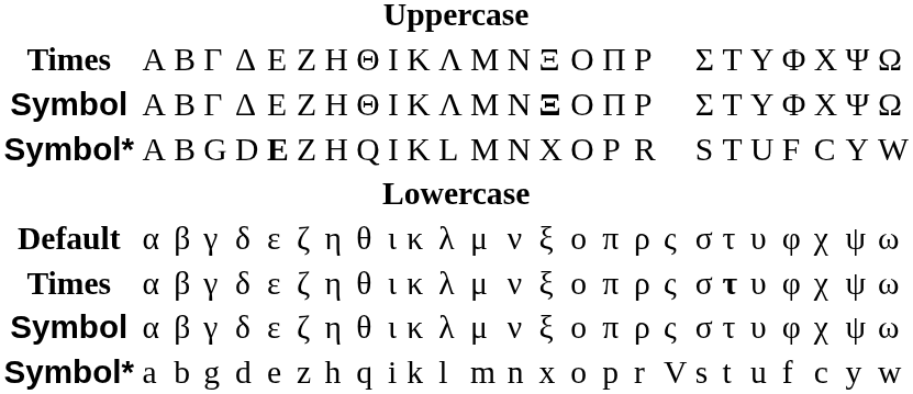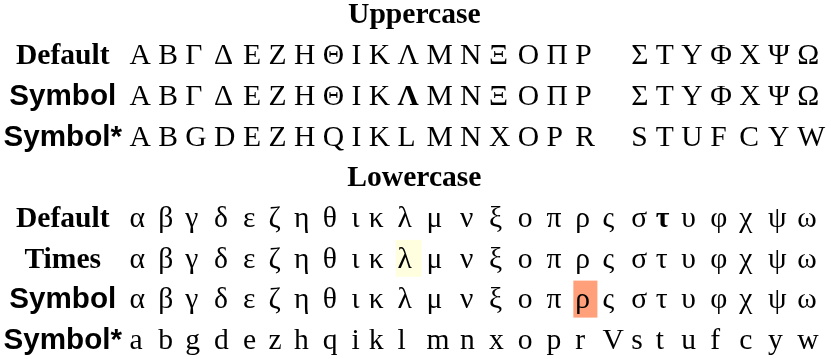 <table>
 <tr>
 <th colspan=26>Uppercase</th>
 </tr>
-<tr style="font-family:times,times roman, times new roman, serif">
-<th>Times</th>
+<tr>
+<th>Default</th>
 <td>Α</td>
 <td>Β</td>
 <td>Γ</td>
 <td>Δ</td>
 <td>Ε</td>
 <td>Ζ</td>
 <td>Η</td>
 <td>Θ</td>
 <td>Ι</td>
 <td>Κ</td>
 <td>Λ</td>
 <td>Μ</td>
 <td>Ν</td>
 <td>Ξ</td>
 <td>Ο</td>
 <td>Π</td>
 <td>Ρ</td>
 <td></td>
 <td>Σ</td>
 <td>Τ</td>
 <td>Υ</td>
 <td>Φ</td>
 <td>Χ</td>
 <td>Ψ</td>
 <td>Ω</td>
 </tr>
 <tr style="font-family:symbol">
 <th style="font-family:sans-serif">Symbol</th>
 <td>Α</td>
 <td>Β</td>
 <td>Γ</td>
 <td>Δ</td>
 <td>Ε</td>
 <td>Ζ</td>
 <td>Η</td>
 <td>Θ</td>
 <td>Ι</td>
 <td>Κ</td>
-<td>Λ</td>
+<td><strong>Λ</strong></td>
 <td>Μ</td>
 <td>Ν</td>
-<td><strong>Ξ</strong></td>
+<td>Ξ</td>
 <td>Ο</td>
 <td>Π</td>
 <td>Ρ</td>
 <td></td>
 <td>Σ</td>
 <td>Τ</td>
 <td>Υ</td>
 <td>Φ</td>
 <td>Χ</td>
 <td>Ψ</td>
 <td>Ω</td>
 </tr>
 <tr style="font-family:symbol">
 <th style="font-family:sans-serif">Symbol*</th>
 <td>A</td>
 <td>B</td>
 <td>G</td>
 <td>D</td>
-<td><strong>E</strong></td>
+<td>E</td>
 <td>Z</td>
 <td>H</td>
 <td>Q</td>
 <td>I</td>
 <td>K</td>
 <td>L</td>
 <td>M</td>
 <td>N</td>
 <td>X</td>
 <td>O</td>
 <td>P</td>
 <td>R</td>
 <td></td>
 <td>S</td>
 <td>T</td>
 <td>U</td>
 <td>F</td>
 <td>C</td>
 <td>Y</td>
 <td>W</td>
 </tr>
 <tr>
 <th colspan=26>Lowercase</th>
 </tr>
 <tr>
 <th>Default</th>
 <td>α</td>
 <td>β</td>
 <td>γ</td>
 <td>δ</td>
 <td>ε</td>
 <td>ζ</td>
 <td>η</td>
 <td>θ</td>
 <td>ι</td>
 <td>κ</td>
 <td>λ</td>
 <td>μ</td>
 <td>ν</td>
 <td>ξ</td>
 <td>ο</td>
 <td>π</td>
 <td>ρ</td>
 <td>ς</td>
 <td>σ</td>
-<td>τ</td>
+<td><strong>τ</strong></td>
 <td>υ</td>
 <td>φ</td>
 <td>χ</td>
 <td>ψ</td>
 <td>ω</td>
 </tr>
 <tr style="font-family:times,times roman, times new roman, serif">
 <th>Times</th>
 <td>α</td>
 <td>β</td>
 <td>γ</td>
 <td>δ</td>
 <td>ε</td>
 <td>ζ</td>
 <td>η</td>
 <td>θ</td>
 <td>ι</td>
 <td>κ</td>
-<td>λ</td>
+<td style="background: lightyellow;">λ</td>
 <td>μ</td>
 <td>ν</td>
 <td>ξ</td>
 <td>ο</td>
 <td>π</td>
 <td>ρ</td>
 <td>ς</td>
 <td>σ</td>
-<td><strong>τ</strong></td>
+<td>τ</td>
 <td>υ</td>
 <td>φ</td>
 <td>χ</td>
 <td>ψ</td>
 <td>ω</td>
 </tr>
 <tr style="font-family:symbol">
 <th style="font-family:sans-serif">Symbol</th>
 <td>α</td>
 <td>β</td>
 <td>γ</td>
 <td>δ</td>
 <td>ε</td>
 <td>ζ</td>
 <td>η</td>
 <td>θ</td>
 <td>ι</td>
 <td>κ</td>
 <td>λ</td>
 <td>μ</td>
 <td>ν</td>
 <td>ξ</td>
 <td>ο</td>
 <td>π</td>
-<td>ρ</td>
+<td style="background: lightsalmon;">ρ</td>
 <td>ς</td>
 <td>σ</td>
 <td>τ</td>
 <td>υ</td>
 <td>φ</td>
 <td>χ</td>
 <td>ψ</td>
 <td>ω</td>
 </tr>
 <tr style="font-family:symbol">
 <th style="font-family:sans-serif">Symbol*</th>
 <td>a</td>
 <td>b</td>
 <td>g</td>
 <td>d</td>
 <td>e</td>
 <td>z</td>
 <td>h</td>
 <td>q</td>
 <td>i</td>
 <td>k</td>
 <td>l</td>
 <td>m</td>
 <td>n</td>
 <td>x</td>
 <td>o</td>
 <td>p</td>
 <td>r</td>
 <td>V</td>
 <td>s</td>
 <td>t</td>
 <td>u</td>
 <td>f</td>
 <td>c</td>
 <td>y</td>
 <td>w</td>
 </tr>
 </table>
